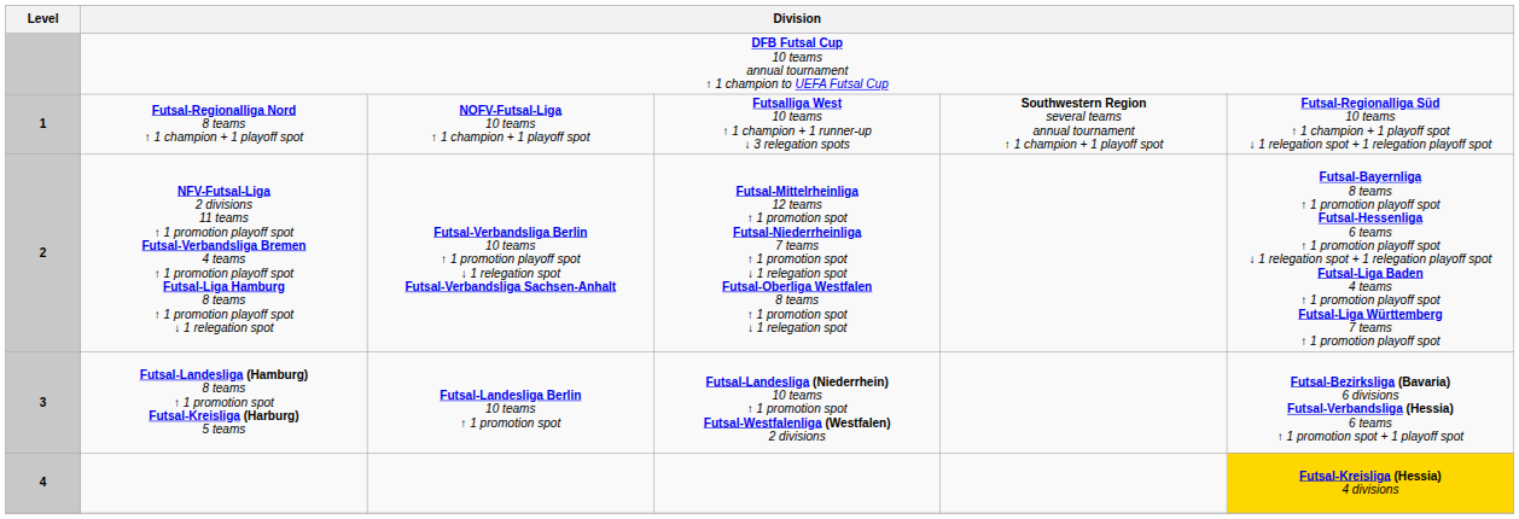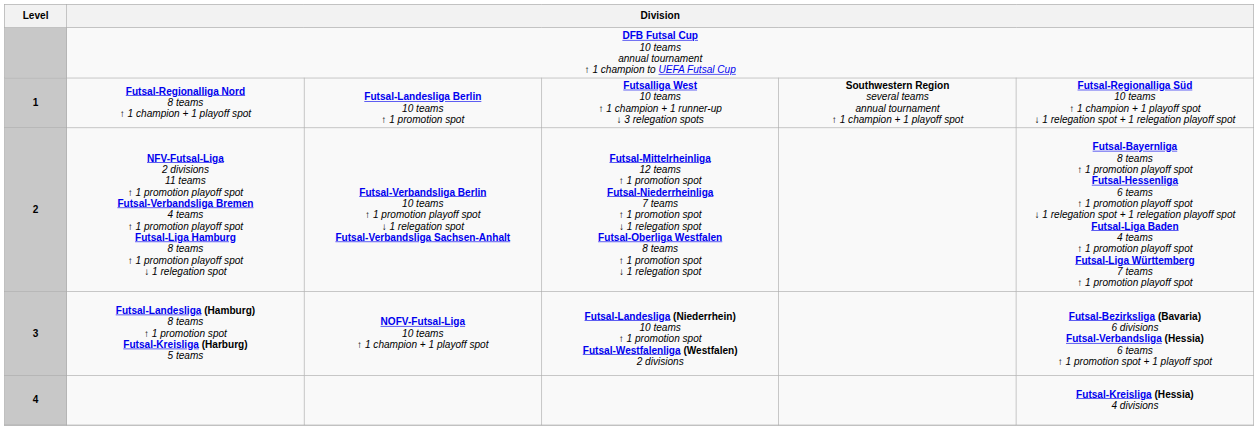 <table class="wikitable" style="text-align:center" width="100%">
 <tr style="background:#c8c8c8">
 <th colspan="1" height="30" width="4%">Level</th>
 <th colspan="7" width="96%">Division</th>
 </tr>
 <tr>
 <td colspan="1" width="4%" style="background:#c8c8c8" height="60"><strong> </strong></td>
 <td colspan="7" width="96%"><strong><a href='#'>DFB Futsal Cup</a></strong><br><em>10 teams<br>annual tournament<br>↑ 1 champion to <a href='#'>UEFA Futsal Cup</a></em></td>
 </tr>
 <tr>
 <td colspan="1" width="5%" style="background:#c8c8c8" height="60"><strong>1</strong></td>
 <td colspan="1" width="19%"><strong><a href='#'>Futsal-Regionalliga Nord</a></strong><br><em>8 teams<br>↑ 1 champion + 1 playoff spot</em></td>
-<td colspan="1" width="19%"><strong><a href='#'>NOFV-Futsal-Liga</a></strong><br><em>10 teams<br>↑ 1 champion + 1 playoff spot</em></td>
+<td colspan="1" width="19%"><br><strong><a href='#'>Futsal-Landesliga Berlin</a></strong><br><em>10 teams<br>↑ 1 promotion spot</em><br></td>
 <td colspan="1" width="19%"><strong><a href='#'>Futsalliga West</a></strong><br><em>10 teams<br>↑ 1 champion + 1 runner-up<br>↓ 3 relegation spots</em></td>
 <td colspan="1" width="19%"><strong>Southwestern Region</strong><br><em>several teams<br>annual tournament<br>↑ 1 champion + 1 playoff spot</em></td>
 <td colspan="1" width="19%"><strong><a href='#'>Futsal-Regionalliga Süd</a></strong><br><em>10 teams<br>↑ 1 champion + 1 playoff spot<br>↓ 1 relegation spot + 1 relegation playoff spot</em></td>
 </tr>
 <tr>
 <td colspan="1" width="5%" style="background:#c8c8c8" height="60"><strong>2</strong></td>
 <td colspan="1" width="19%"><br><strong><a href='#'>NFV-Futsal-Liga</a></strong><br><em>2 divisions<br>11 teams<br>↑ 1 promotion playoff spot</em><br> <strong><a href='#'>Futsal-Verbandsliga Bremen</a></strong><br><em>4 teams<br>↑ 1 promotion playoff spot</em><br> <strong><a href='#'>Futsal-Liga Hamburg</a></strong><br><em>8 teams<br>↑ 1 promotion playoff spot<br>↓ 1 relegation spot</em><br></td>
 <td colspan="1" width="19%"><br><strong><a href='#'>Futsal-Verbandsliga Berlin</a></strong><br><em>10 teams<br>↑ 1 promotion playoff spot<br>↓ 1 relegation spot</em><br> <strong><a href='#'>Futsal-Verbandsliga Sachsen-Anhalt</a></strong><br></td>
 <td colspan="1" width="19%"><br><strong><a href='#'>Futsal-Mittelrheinliga</a></strong><br><em>12 teams<br>↑ 1 promotion spot</em><br> <strong><a href='#'>Futsal-Niederrheinliga</a></strong><br><em>7 teams<br>↑ 1 promotion spot<br>↓ 1 relegation spot</em><br> <strong><a href='#'>Futsal-Oberliga Westfalen</a></strong><br><em>8 teams<br>↑ 1 promotion spot<br>↓ 1 relegation spot</em><br></td>
 <td colspan="1" width="19%"></td>
 <td><br><strong><a href='#'>Futsal-Bayernliga</a></strong><br><em>8 teams<br>↑ 1 promotion playoff spot</em><br> <strong><a href='#'>Futsal-Hessenliga</a></strong><br><em>6 teams<br>↑ 1 promotion playoff spot<br>↓ 1 relegation spot + 1 relegation playoff spot</em><br> <strong><a href='#'>Futsal-Liga Baden</a></strong><br><em>4 teams<br>↑ 1 promotion playoff spot</em><br> <strong><a href='#'>Futsal-Liga Württemberg</a></strong><br><em>7 teams<br>↑ 1 promotion playoff spot</em><br></td>
 </tr>
 <tr>
 <td colspan="1" width="5%" style="background:#c8c8c8" height="60"><strong>3</strong></td>
 <td colspan="1" width="19%"><br><strong><a href='#'>Futsal-Landesliga</a> (Hamburg)</strong><br><em>8 teams<br>↑ 1 promotion spot</em><br> <strong><a href='#'>Futsal-Kreisliga</a> (Harburg)</strong><br><em>5 teams<br><br></em></td>
-<td colspan="1" width="19%"><br><strong><a href='#'>Futsal-Landesliga Berlin</a></strong><br><em>10 teams<br>↑ 1 promotion spot</em><br></td>
+<td colspan="1" width="19%"><strong><a href='#'>NOFV-Futsal-Liga</a></strong><br><em>10 teams<br>↑ 1 champion + 1 playoff spot</em></td>
 <td colspan="1" width="19%"><br><strong><a href='#'>Futsal-Landesliga</a> (Niederrhein)</strong><br><em>10 teams<br>↑ 1 promotion spot</em><br> <strong><a href='#'>Futsal-Westfalenliga</a> (Westfalen)</strong><br><em>2 divisions</em><br></td>
 <td colspan="1" width="19%"></td>
 <td colspan="1" width="19%"><br><strong><a href='#'>Futsal-Bezirksliga</a> (Bavaria)</strong><br><em>6 divisions</em><br> <strong><a href='#'>Futsal-Verbandsliga</a> (Hessia)</strong><br><em>6 teams<br>↑ 1 promotion spot + 1 playoff spot</em></td>
 </tr>
 <tr>
 <td colspan="1" width="5%" style="background:#c8c8c8" height="60"><strong>4</strong></td>
 <td colspan="1" width="19%"></td>
 <td colspan="1" width="19%"></td>
 <td colspan="1" width="19%"></td>
 <td colspan="1" width="19%"></td>
-<td colspan="1" width="19%" style="background: gold;"><br><strong><a href='#'>Futsal-Kreisliga</a> (Hessia)</strong><br><em>4 divisions<br><br></em></td>
+<td colspan="1" width="19%"><br><strong><a href='#'>Futsal-Kreisliga</a> (Hessia)</strong><br><em>4 divisions<br><br></em></td>
 </tr>
 <tr>
 </tr>
 </table>
